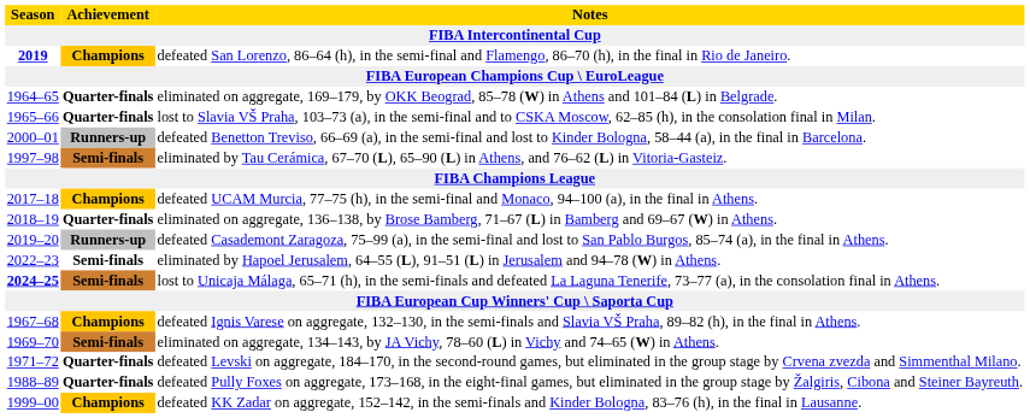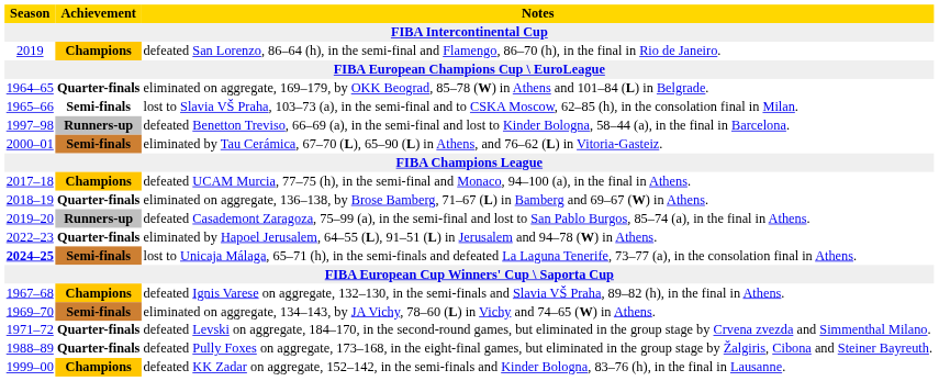 <table class="toccolours" border="0" cellpadding="2" cellspacing="0" align="left" style="margin:0.5em">
 <tr bgcolor="#FFD700">
 <th>Season</th>
 <th>Achievement</th>
 <th>Notes</th>
 </tr>
 <tr>
 <th bgcolor="#efefef" colspan="4"><a href='#'>FIBA Intercontinental Cup</a></th>
 </tr>
 <tr>
-<td align="center"><strong><a href='#'>2019</a></strong></td>
+<td align="center"><a href='#'>2019</a></td>
 <td align="center" bgcolor="#ffc600"><strong>Champions</strong></td>
 <td align="left">defeated <a href='#'>San Lorenzo</a>, 86–64 (h), in the semi-final and <a href='#'>Flamengo</a>, 86–70 (h), in the final in <a href='#'>Rio de Janeiro</a>.</td>
 </tr>
 <tr>
 <th bgcolor="#efefef" colspan="4"><a href='#'>FIBA European Champions Cup \ EuroLeague</a></th>
 </tr>
 <tr>
 <td align="center"><a href='#'>1964–65</a></td>
 <td align="center"><strong>Quarter-finals</strong></td>
 <td align="left">eliminated on aggregate, 169–179, by <a href='#'>OKK Beograd</a>, 85–78 (<strong>W</strong>) in <a href='#'>Athens</a> and 101–84 (<strong>L</strong>) in <a href='#'>Belgrade</a>.</td>
 </tr>
 <tr>
 <td align="center"><a href='#'>1965–66</a></td>
-<td align="center"><strong>Quarter-finals</strong></td>
+<td align="center"><strong>Semi-finals</strong></td>
 <td align="left">lost to <a href='#'>Slavia VŠ Praha</a>, 103–73 (a), in the semi-final and to <a href='#'>CSKA Moscow</a>, 62–85 (h), in the consolation final in <a href='#'>Milan</a>.</td>
 </tr>
 <tr>
-<td align="center"><a href='#'>2000–01</a></td>
+<td align="center"><a href='#'>1997–98</a></td>
 <td align="center" bgcolor=#C0C0C0><strong>Runners-up</strong></td>
 <td align="left">defeated <a href='#'>Benetton Treviso</a>, 66–69 (a), in the semi-final and lost to <a href='#'>Kinder Bologna</a>, 58–44 (a), in the final in <a href='#'>Barcelona</a>.</td>
 </tr>
 <tr>
-<td align="center"><a href='#'>1997–98</a></td>
+<td align="center"><a href='#'>2000–01</a></td>
 <td align="center" bgcolor= #CD7F32><strong>Semi-finals</strong></td>
 <td align="left">eliminated by <a href='#'>Tau Cerámica</a>, 67–70 (<strong>L</strong>), 65–90 (<strong>L</strong>) in <a href='#'>Athens</a>, and 76–62 (<strong>L</strong>) in <a href='#'>Vitoria-Gasteiz</a>.</td>
 </tr>
 <tr>
 <th bgcolor="#efefef" colspan="4"><a href='#'>FIBA Champions League</a></th>
 </tr>
 <tr>
 <td align="center"><a href='#'>2017–18</a></td>
 <td align="center" bgcolor="#ffc600"><strong>Champions</strong></td>
 <td align="left">defeated <a href='#'>UCAM Murcia</a>, 77–75 (h), in the semi-final and <a href='#'>Monaco</a>, 94–100 (a), in the final in <a href='#'>Athens</a>.</td>
 </tr>
 <tr>
 <td align="center"><a href='#'>2018–19</a></td>
 <td align="center"><strong>Quarter-finals</strong></td>
 <td align="left">eliminated on aggregate, 136–138, by <a href='#'>Brose Bamberg</a>, 71–67 (<strong>L</strong>) in <a href='#'>Bamberg</a> and 69–67 (<strong>W</strong>) in <a href='#'>Athens</a>.</td>
 </tr>
 <tr>
 <td align="center"><a href='#'>2019–20</a></td>
 <td align="center" bgcolor=#C0C0C0><strong>Runners-up</strong></td>
 <td align="left">defeated <a href='#'>Casademont Zaragoza</a>, 75–99 (a), in the semi-final and lost to <a href='#'>San Pablo Burgos</a>, 85–74 (a), in the final in <a href='#'>Athens</a>.</td>
 </tr>
 <tr>
 <td align="center"><a href='#'>2022–23</a></td>
-<td align="center"><strong>Semi-finals</strong></td>
+<td align="center"><strong>Quarter-finals</strong></td>
 <td align="left">eliminated by <a href='#'>Hapoel Jerusalem</a>, 64–55 (<strong>L</strong>), 91–51 (<strong>L</strong>) in <a href='#'>Jerusalem</a> and 94–78 (<strong>W</strong>) in <a href='#'>Athens</a>.</td>
 </tr>
 <tr>
 <td align="center"><strong><a href='#'>2024–25</a></strong></td>
 <td align="center" bgcolor= #CD7F32><strong>Semi-finals</strong></td>
 <td align="left">lost to <a href='#'>Unicaja Málaga</a>, 65–71 (h), in the semi-finals and defeated <a href='#'>La Laguna Tenerife</a>, 73–77 (a), in the consolation final in <a href='#'>Athens</a>.</td>
 </tr>
 <tr>
 <th bgcolor="#efefef" colspan="4"><a href='#'>FIBA European Cup Winners' Cup \ Saporta Cup</a></th>
 </tr>
 <tr>
 <td align="center"><a href='#'>1967–68</a></td>
 <td align="center" bgcolor="#ffc600"><strong>Champions</strong></td>
 <td align="left">defeated <a href='#'>Ignis Varese</a> on aggregate, 132–130, in the semi-finals and <a href='#'>Slavia VŠ Praha</a>, 89–82 (h), in the final in <a href='#'>Athens</a>.</td>
 </tr>
 <tr>
 <td align="center"><a href='#'>1969–70</a></td>
 <td align="center" bgcolor= #CD7F32><strong>Semi-finals</strong></td>
 <td align="left">eliminated on aggregate, 134–143, by <a href='#'>JA Vichy</a>, 78–60 (<strong>L</strong>) in <a href='#'>Vichy</a> and 74–65 (<strong>W</strong>) in <a href='#'>Athens</a>.</td>
 </tr>
 <tr>
 <td align="center"><a href='#'>1971–72</a></td>
 <td align="center"><strong>Quarter-finals</strong></td>
 <td align="left">defeated <a href='#'>Levski</a> on aggregate, 184–170, in the second-round games, but eliminated in the group stage by <a href='#'>Crvena zvezda</a> and <a href='#'>Simmenthal Milano</a>.</td>
 </tr>
 <tr>
 <td align="center"><a href='#'>1988–89</a></td>
 <td align="center"><strong>Quarter-finals</strong></td>
 <td align="left">defeated <a href='#'>Pully Foxes</a> on aggregate, 173–168, in the eight-final games, but eliminated in the group stage by <a href='#'>Žalgiris</a>, <a href='#'>Cibona</a> and <a href='#'>Steiner Bayreuth</a>.</td>
 </tr>
 <tr>
 <td align="center"><a href='#'>1999–00</a></td>
 <td align="center" bgcolor="#ffc600"><strong>Champions</strong></td>
 <td align="left">defeated <a href='#'>KK Zadar</a> on aggregate, 152–142, in the semi-finals and <a href='#'>Kinder Bologna</a>, 83–76 (h), in the final in <a href='#'>Lausanne</a>.</td>
 </tr>
 </table>
